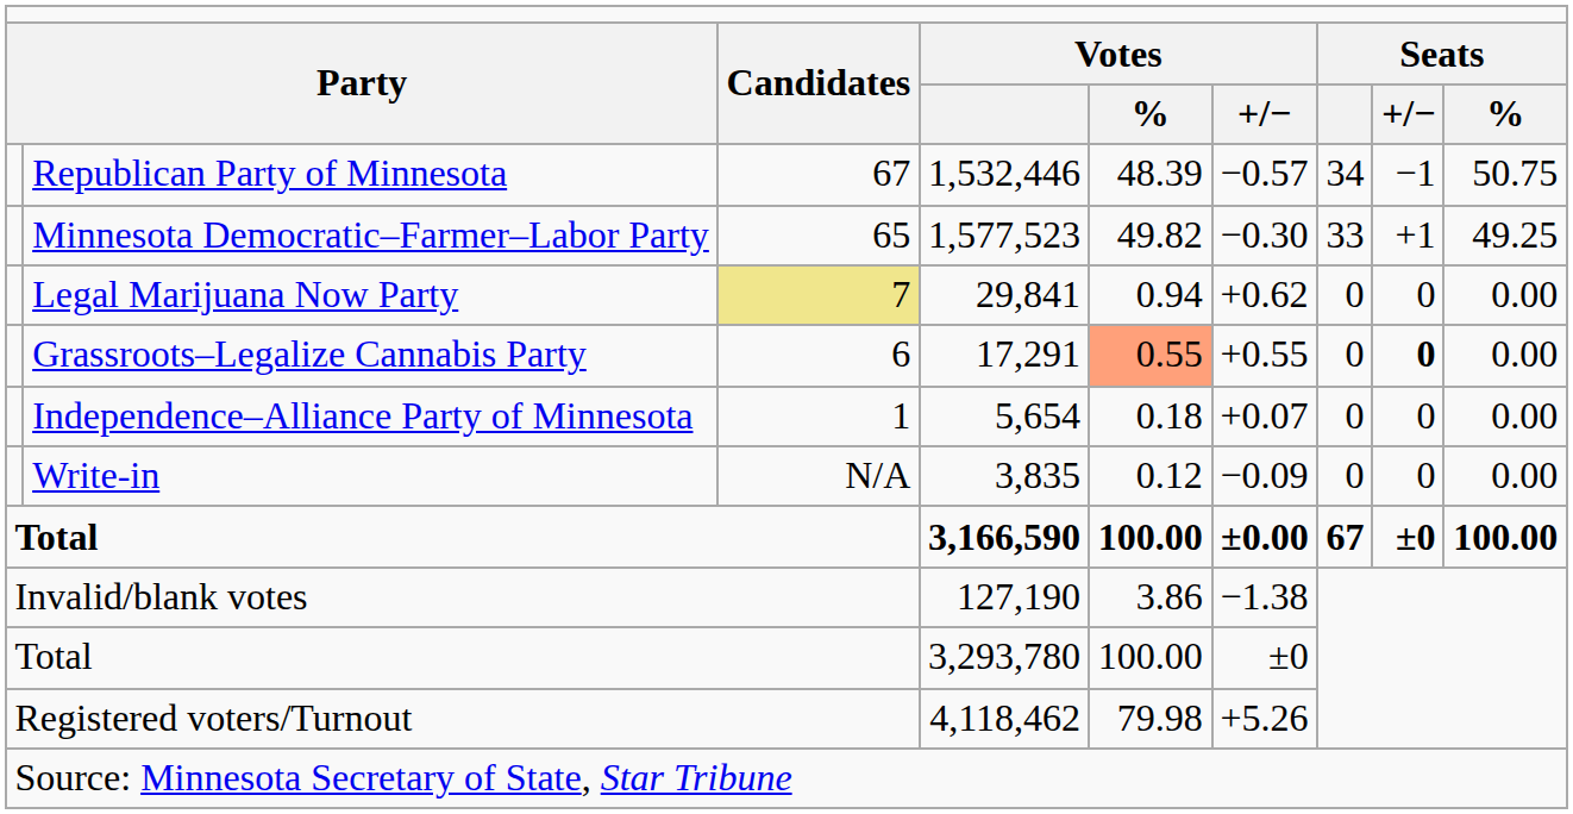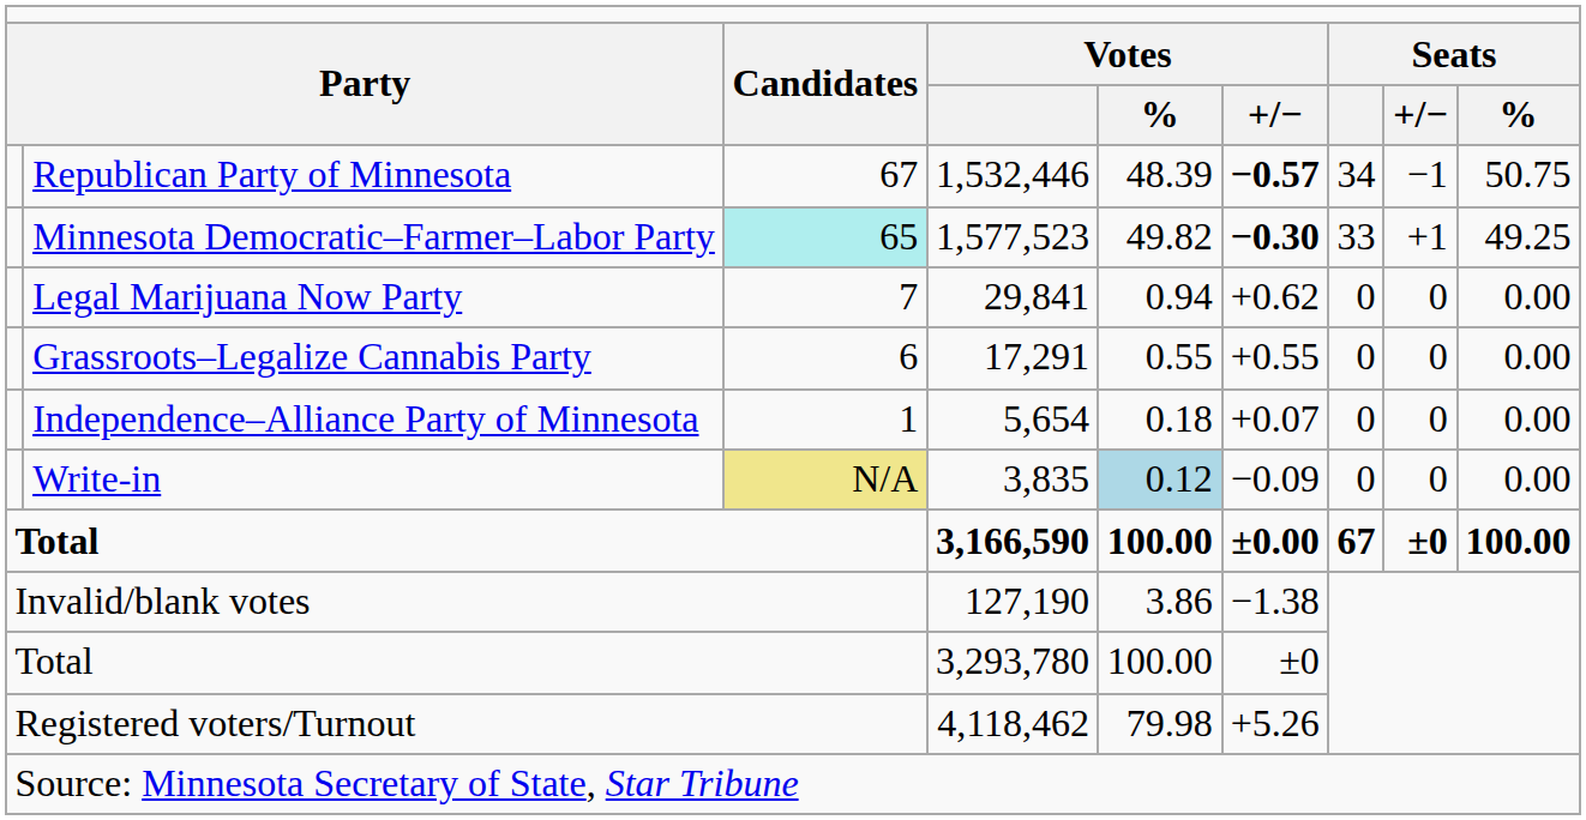 <table class="wikitable">
 <tr>
 <td colspan="9"></td>
 </tr>
 <tr>
 <th colspan="2" rowspan="2">Party</th>
 <th rowspan="2">Candidates</th>
 <th colspan="3">Votes</th>
 <th colspan="3">Seats</th>
 </tr>
 <tr>
 <th></th>
 <th>%</th>
 <th>+/−</th>
 <th></th>
 <th>+/−</th>
 <th>%</th>
 </tr>
 <tr>
 <td style="background-color:"></td>
 <td><a href='#'>Republican Party of Minnesota</a></td>
 <td align="right">67</td>
 <td align="right">1,532,446</td>
 <td align="right">48.39</td>
-<td align="right">−0.57</td>
+<td align="right"><strong>−0.57</strong></td>
 <td align="right">34</td>
 <td align="right">−1</td>
 <td align="right">50.75</td>
 </tr>
 <tr>
 <td style="background-color:"></td>
 <td><a href='#'>Minnesota Democratic–Farmer–Labor Party</a></td>
-<td align="right">65</td>
+<td align="right" style="background: paleturquoise;">65</td>
 <td align="right">1,577,523</td>
 <td align="right">49.82</td>
-<td align="right">−0.30</td>
+<td align="right"><strong>−0.30</strong></td>
 <td align="right">33</td>
 <td align="right">+1</td>
 <td align="right">49.25</td>
 </tr>
 <tr>
 <td style="background-color:"></td>
 <td><a href='#'>Legal Marijuana Now Party</a></td>
-<td align="right" style="background: khaki;">7</td>
+<td align="right">7</td>
 <td align="right">29,841</td>
 <td align="right">0.94</td>
 <td align="right">+0.62</td>
 <td align="right">0</td>
 <td align="right">0</td>
 <td align="right">0.00</td>
 </tr>
 <tr>
 <td style="background-color:"></td>
 <td><a href='#'>Grassroots–Legalize Cannabis Party</a></td>
 <td align="right">6</td>
 <td align="right">17,291</td>
-<td align="right" style="background: lightsalmon;">0.55</td>
+<td align="right">0.55</td>
 <td align="right">+0.55</td>
 <td align="right">0</td>
-<td align="right"><strong>0</strong></td>
+<td align="right">0</td>
 <td align="right">0.00</td>
 </tr>
 <tr>
 <td style="background-color:"></td>
 <td><a href='#'>Independence–Alliance Party of Minnesota</a></td>
 <td align="right">1</td>
 <td align="right">5,654</td>
 <td align="right">0.18</td>
 <td align="right">+0.07</td>
 <td align="right">0</td>
 <td align="right">0</td>
 <td align="right">0.00</td>
 </tr>
 <tr>
 <td style="background-color:"></td>
 <td><a href='#'>Write-in</a></td>
-<td align="right">N/A</td>
+<td align="right" style="background: khaki;">N/A</td>
 <td align="right">3,835</td>
-<td align="right">0.12</td>
+<td align="right" style="background: lightblue;">0.12</td>
 <td align="right">−0.09</td>
 <td align="right">0</td>
 <td align="right">0</td>
 <td align="right">0.00</td>
 </tr>
 <tr>
 <td colspan="3"><strong>Total</strong></td>
 <td style="font-weight:bold" align="right">3,166,590</td>
 <td style="font-weight:bold" align="right">100.00</td>
 <td style="font-weight:bold" align="right">±0.00</td>
 <td style="font-weight:bold" align="right">67</td>
 <td style="font-weight:bold" align="right">±0</td>
 <td style="font-weight:bold" align="right">100.00</td>
 </tr>
 <tr>
 <td colspan="3">Invalid/blank votes</td>
 <td align="right">127,190</td>
 <td align="right">3.86</td>
 <td align="right">−1.38</td>
 <td colspan="3" rowspan="3"></td>
 </tr>
 <tr>
 <td colspan="3">Total</td>
 <td align="right">3,293,780</td>
 <td align="right">100.00</td>
 <td align="right">±0</td>
 </tr>
 <tr>
 <td colspan="3">Registered voters/Turnout</td>
 <td align="right">4,118,462</td>
 <td align="right">79.98</td>
 <td align="right">+5.26</td>
 </tr>
 <tr>
 <td colspan="9">Source: <a href='#'>Minnesota Secretary of State</a>, <em><a href='#'>Star Tribune</a></em></td>
 </tr>
 </table>
